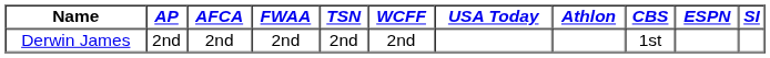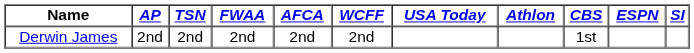 <table cellpadding="1" border="1" cellspacing="0" width="80%">
 <tr>
 <th>Name</th>
 <th><a href='#'><span><em>AP</em></span></a></th>
+<th><a href='#'><span><em>TSN</em></span></a></th>
+<th><a href='#'><span><em>FWAA</em></span></a></th>
 <th><a href='#'><span><em>AFCA</em></span></a></th>
-<th><a href='#'><span><em>FWAA</em></span></a></th>
-<th><a href='#'><span><em>TSN</em></span></a></th>
 <th><a href='#'><span><em>WCFF</em></span></a></th>
 <th><a href='#'><span><em>USA Today</em></span></a></th>
 <th><a href='#'><span><em>Athlon</em></span></a></th>
 <th><a href='#'><span><em>CBS</em></span></a></th>
 <th><a href='#'><span><em>ESPN</em></span></a></th>
 <th><a href='#'><span><em>SI</em></span></a></th>
 </tr>
 <tr align="center">
 <td><a href='#'>Derwin James</a></td>
 <td>2nd</td>
 <td>2nd</td>
 <td>2nd</td>
 <td>2nd</td>
 <td>2nd</td>
 <td></td>
 <td></td>
 <td>1st</td>
 <td></td>
 <td></td>
 </tr>
 </table>
